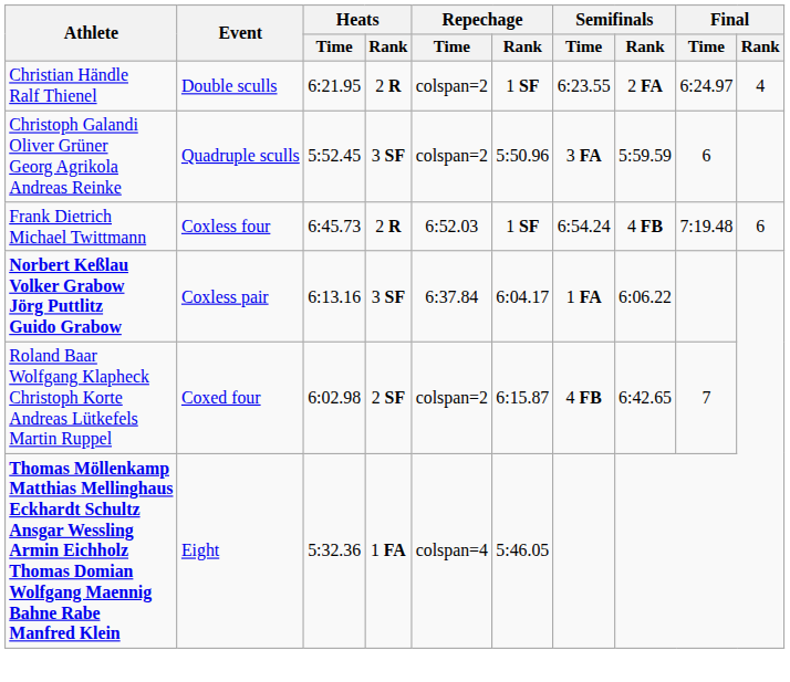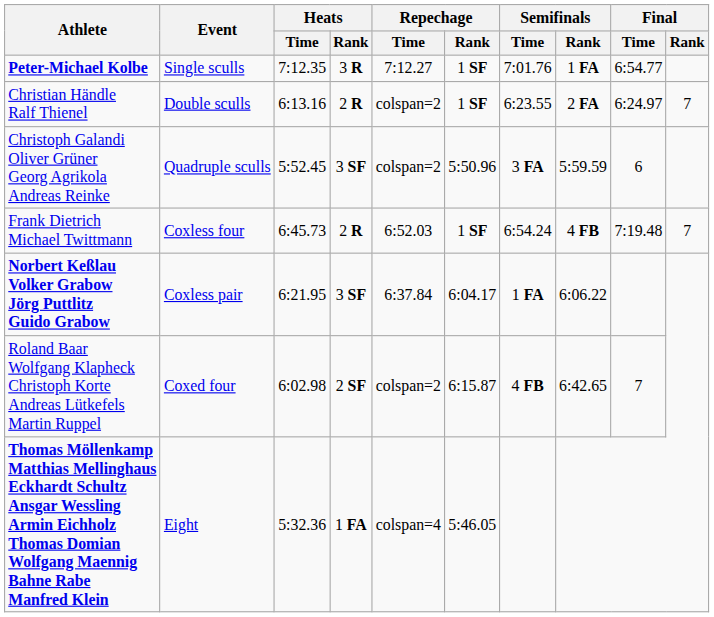 <table class="wikitable" style="font-size:90%">
 <tr>
 <th rowspan="2">Athlete</th>
 <th rowspan="2">Event</th>
 <th colspan="2">Heats</th>
 <th colspan="2">Repechage</th>
 <th colspan="2">Semifinals</th>
 <th colspan="2">Final</th>
 </tr>
 <tr style="font-size:95%">
 <th>Time</th>
 <th>Rank</th>
 <th>Time</th>
 <th>Rank</th>
 <th>Time</th>
 <th>Rank</th>
 <th>Time</th>
 <th>Rank</th>
 </tr>
 <tr align=center>
+<td align=left><strong><a href='#'>Peter-Michael Kolbe</a></strong></td>
+<td align=left><a href='#'>Single sculls</a></td>
+<td>7:12.35</td>
+<td>3 <strong>R</strong></td>
+<td>7:12.27</td>
+<td>1 <strong>SF</strong></td>
+<td>7:01.76</td>
+<td>1 <strong>FA</strong></td>
+<td>6:54.77</td>
+<td></td>
+</tr>
+<tr align=center>
 <td align=left><a href='#'>Christian Händle</a><br><a href='#'>Ralf Thienel</a></td>
 <td align=left><a href='#'>Double sculls</a></td>
-<td>6:21.95</td>
+<td>6:13.16</td>
 <td>2 <strong>R</strong></td>
 <td>colspan=2</td>
 <td>1 <strong>SF</strong></td>
 <td>6:23.55</td>
 <td>2 <strong>FA</strong></td>
 <td>6:24.97</td>
-<td>4</td>
+<td>7</td>
 </tr>
 <tr align=center>
 <td align=left><a href='#'>Christoph Galandi</a><br><a href='#'>Oliver Grüner</a><br><a href='#'>Georg Agrikola</a><br><a href='#'>Andreas Reinke</a></td>
 <td align=left><a href='#'>Quadruple sculls</a></td>
 <td>5:52.45</td>
 <td>3 <strong>SF</strong></td>
 <td>colspan=2</td>
 <td>5:50.96</td>
 <td>3 <strong>FA</strong></td>
 <td>5:59.59</td>
 <td>6</td>
 </tr>
 <tr align=center>
 <td align=left><a href='#'>Frank Dietrich</a><br><a href='#'>Michael Twittmann</a></td>
 <td align=left><a href='#'>Coxless four</a></td>
 <td>6:45.73</td>
 <td>2 <strong>R</strong></td>
 <td>6:52.03</td>
 <td>1 <strong>SF</strong></td>
 <td>6:54.24</td>
 <td>4 <strong>FB</strong></td>
 <td>7:19.48</td>
-<td>6</td>
+<td>7</td>
 </tr>
 <tr align=center>
 <td align=left><strong><a href='#'>Norbert Keßlau</a><br><a href='#'>Volker Grabow</a><br><a href='#'>Jörg Puttlitz</a><br><a href='#'>Guido Grabow</a></strong></td>
 <td align=left><a href='#'>Coxless pair</a></td>
-<td>6:13.16</td>
+<td>6:21.95</td>
 <td>3 <strong>SF</strong></td>
 <td>6:37.84</td>
 <td>6:04.17</td>
 <td>1 <strong>FA</strong></td>
 <td>6:06.22</td>
 <td></td>
 </tr>
 <tr align=center>
 <td align=left><a href='#'>Roland Baar</a><br><a href='#'>Wolfgang Klapheck</a><br><a href='#'>Christoph Korte</a><br><a href='#'>Andreas Lütkefels</a><br><a href='#'>Martin Ruppel</a></td>
 <td align=left><a href='#'>Coxed four</a></td>
 <td>6:02.98</td>
 <td>2 <strong>SF</strong></td>
 <td>colspan=2</td>
 <td>6:15.87</td>
 <td>4 <strong>FB</strong></td>
 <td>6:42.65</td>
 <td>7</td>
 </tr>
 <tr align=center>
 <td align=left><strong><a href='#'>Thomas Möllenkamp</a><br><a href='#'>Matthias Mellinghaus</a><br><a href='#'>Eckhardt Schultz</a><br><a href='#'>Ansgar Wessling</a><br><a href='#'>Armin Eichholz</a><br><a href='#'>Thomas Domian</a><br><a href='#'>Wolfgang Maennig</a><br><a href='#'>Bahne Rabe</a><br><a href='#'>Manfred Klein</a></strong></td>
 <td align=left><a href='#'>Eight</a></td>
 <td>5:32.36</td>
 <td>1 <strong>FA</strong></td>
 <td>colspan=4</td>
 <td>5:46.05</td>
 <td></td>
 </tr>
 </table>
